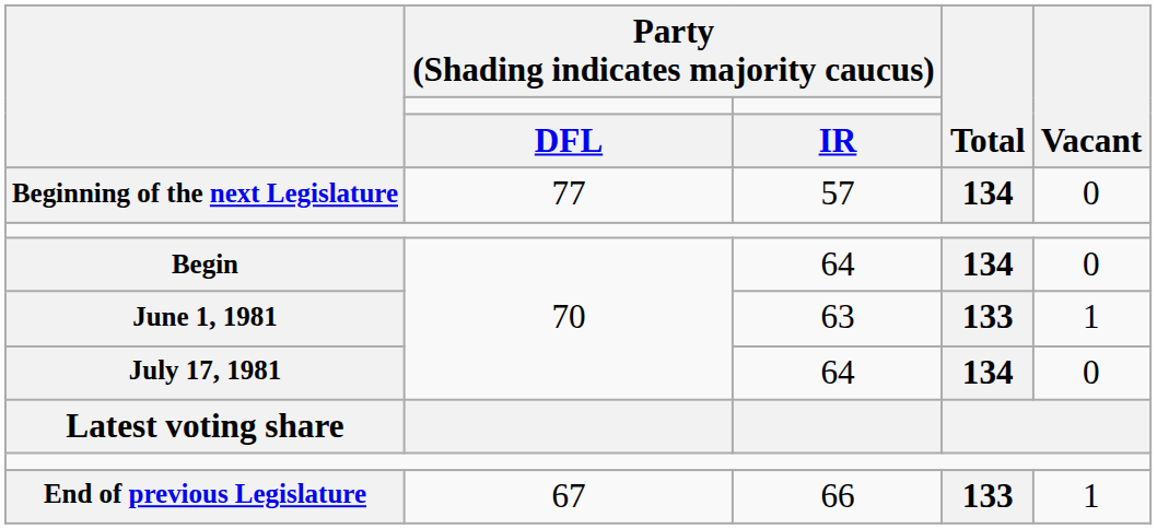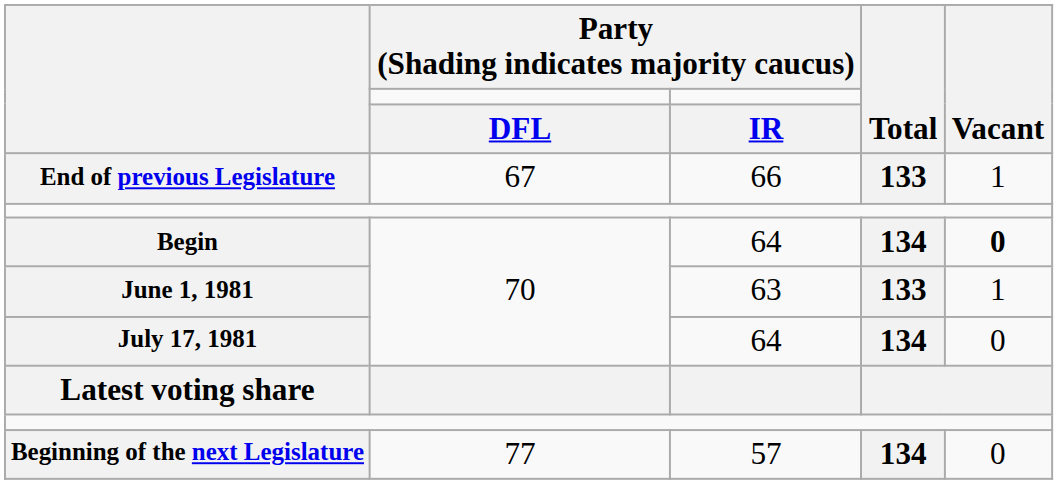 <table class=wikitable style="text-align:center">
 <tr style="vertical-align:bottom;">
 <th rowspan=3></th>
 <th colspan=2>Party <div>(Shading indicates majority caucus)</div></th>
 <th rowspan=3>Total</th>
 <th rowspan=3>Vacant</th>
 </tr>
 <tr style="height:5px">
 <td style="background-color:"></td>
 <td style="background-color:"></td>
 </tr>
 <tr>
 <th><a href='#'>DFL</a></th>
 <th><a href='#'>IR</a></th>
 </tr>
 <tr>
-<th style="white-space:nowrap; font-size:80%;">Beginning of the <a href='#'>next Legislature</a></th>
-<td>77</td>
-<td>57</td>
-<th>134</th>
-<td>0</td>
+<th style="white-space:nowrap; font-size:80%;">End of <a href='#'>previous Legislature</a></th>
+<td>67</td>
+<td>66</td>
+<th>133</th>
+<td>1</td>
 </tr>
 <tr>
 <td colspan=5></td>
 </tr>
 <tr>
 <th style="font-size:80%">Begin</th>
 <td rowspan="3" >70</td>
 <td>64</td>
 <th>134</th>
-<td>0</td>
+<td><strong>0</strong></td>
 </tr>
 <tr>
 <th style="font-size:80%">June 1, 1981 </th>
 <td>63</td>
 <th>133</th>
 <td>1</td>
 </tr>
 <tr>
 <th style="font-size:80%">July 17, 1981 </th>
 <td>64</td>
 <th>134</th>
 <td>0</td>
 </tr>
 <tr>
 <th>Latest voting share</th>
 <th></th>
 <th></th>
 <th colspan=2></th>
 </tr>
 <tr>
 <td colspan=5></td>
 </tr>
 <tr>
-<th style="white-space:nowrap; font-size:80%;">End of <a href='#'>previous Legislature</a></th>
-<td>67</td>
-<td>66</td>
-<th>133</th>
-<td>1</td>
+<th style="white-space:nowrap; font-size:80%;">Beginning of the <a href='#'>next Legislature</a></th>
+<td>77</td>
+<td>57</td>
+<th>134</th>
+<td>0</td>
 </tr>
 </table>
